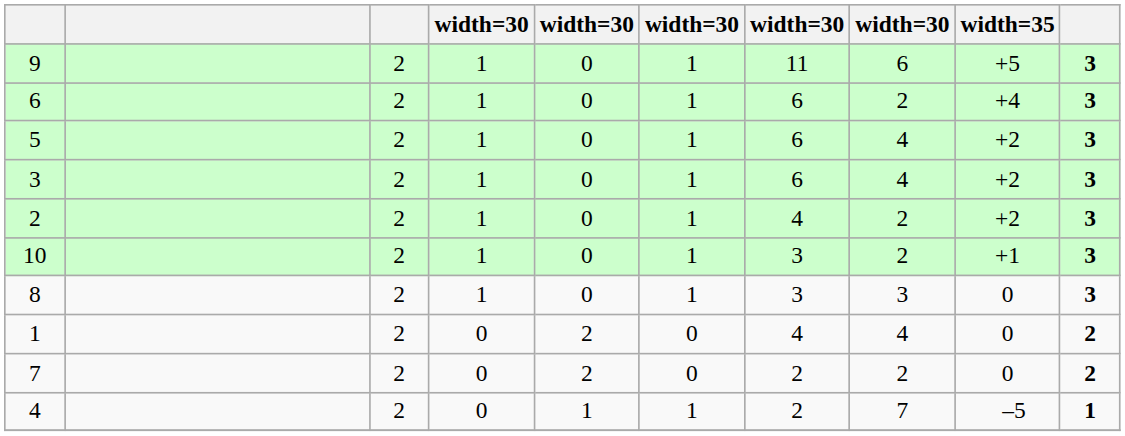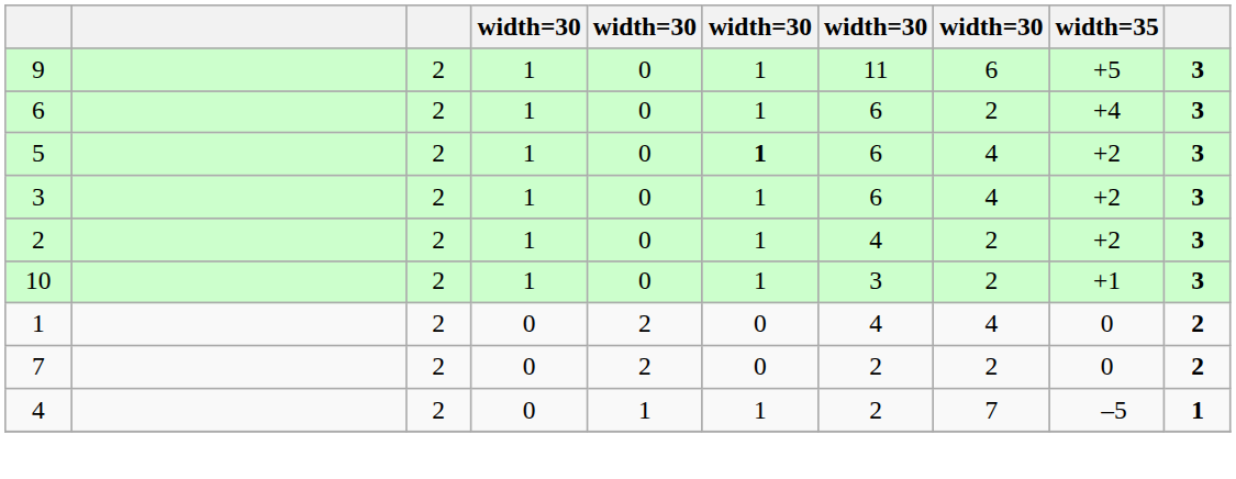 <table class="wikitable" style="text-align: center; font-size: 90%;">
 <tr>
 <th width=30></th>
 <th width=180></th>
 <th width=30></th>
 <th>width=30</th>
 <th>width=30</th>
 <th>width=30</th>
 <th>width=30</th>
 <th>width=30</th>
 <th>width=35</th>
 <th width=30></th>
 </tr>
 <tr bgcolor="#ccffcc">
 <td>9</td>
 <td align="left"></td>
 <td>2</td>
 <td>1</td>
 <td>0</td>
 <td>1</td>
 <td>11</td>
 <td>6</td>
 <td>+5</td>
 <td><strong>3</strong></td>
 </tr>
 <tr bgcolor="#ccffcc">
 <td>6</td>
 <td align="left"></td>
 <td>2</td>
 <td>1</td>
 <td>0</td>
 <td>1</td>
 <td>6</td>
 <td>2</td>
 <td>+4</td>
 <td><strong>3</strong></td>
 </tr>
 <tr bgcolor="#ccffcc">
 <td>5</td>
 <td align="left"></td>
 <td>2</td>
 <td>1</td>
 <td>0</td>
-<td>1</td>
+<td><strong>1</strong></td>
 <td>6</td>
 <td>4</td>
 <td>+2</td>
 <td><strong>3</strong></td>
 </tr>
 <tr bgcolor="#ccffcc">
 <td>3</td>
 <td align="left"></td>
 <td>2</td>
 <td>1</td>
 <td>0</td>
 <td>1</td>
 <td>6</td>
 <td>4</td>
 <td>+2</td>
 <td><strong>3</strong></td>
 </tr>
 <tr bgcolor="#ccffcc">
 <td>2</td>
 <td align="left"></td>
 <td>2</td>
 <td>1</td>
 <td>0</td>
 <td>1</td>
 <td>4</td>
 <td>2</td>
 <td>+2</td>
 <td><strong>3</strong></td>
 </tr>
 <tr bgcolor="#ccffcc">
 <td>10</td>
 <td align="left"></td>
 <td>2</td>
 <td>1</td>
 <td>0</td>
 <td>1</td>
 <td>3</td>
 <td>2</td>
 <td>+1</td>
 <td><strong>3</strong></td>
 </tr>
 <tr>
-<td>8</td>
-<td align="left"></td>
-<td>2</td>
-<td>1</td>
-<td>0</td>
-<td>1</td>
-<td>3</td>
-<td>3</td>
-<td>0</td>
-<td><strong>3</strong></td>
-</tr>
-<tr>
 <td>1</td>
 <td align="left"></td>
 <td>2</td>
 <td>0</td>
 <td>2</td>
 <td>0</td>
 <td>4</td>
 <td>4</td>
 <td>0</td>
 <td><strong>2</strong></td>
 </tr>
 <tr>
 <td>7</td>
 <td align="left"></td>
 <td>2</td>
 <td>0</td>
 <td>2</td>
 <td>0</td>
 <td>2</td>
 <td>2</td>
 <td>0</td>
 <td><strong>2</strong></td>
 </tr>
 <tr>
 <td>4</td>
 <td align="left"></td>
 <td>2</td>
 <td>0</td>
 <td>1</td>
 <td>1</td>
 <td>2</td>
 <td>7</td>
 <td>–5</td>
 <td><strong>1</strong></td>
 </tr>
 <tr>
 </tr>
 </table>
